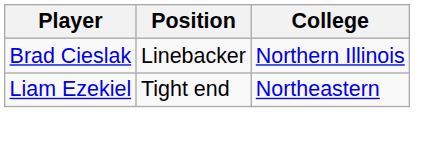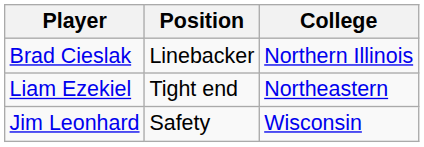 <table class="wikitable">
 <tr>
 <th>Player</th>
 <th>Position</th>
 <th>College</th>
 </tr>
 <tr>
 <td><a href='#'>Brad Cieslak</a></td>
 <td>Linebacker</td>
 <td><a href='#'>Northern Illinois</a></td>
 </tr>
 <tr>
 <td><a href='#'>Liam Ezekiel</a></td>
 <td>Tight end</td>
 <td><a href='#'>Northeastern</a></td>
 </tr>
+<tr>
+<td><a href='#'>Jim Leonhard</a></td>
+<td>Safety</td>
+<td><a href='#'>Wisconsin</a></td>
+</tr>
 </table>
